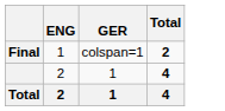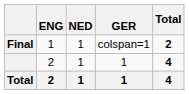 <table class="wikitable">
 <tr>
 <th></th>
 <th><br>ENG</th>
+<th><br>NED</th>
 <th><br>GER</th>
 <th>Total</th>
 </tr>
 <tr align="center">
 <th>Final</th>
+<td>1</td>
 <td>1</td>
 <td>colspan=1 </td>
 <td><strong>2</strong></td>
 </tr>
 <tr align="center">
 <th></th>
 <td>2</td>
 <td>1</td>
+<td>1</td>
 <td><strong>4</strong></td>
 </tr>
 <tr align="center">
 <th>Total</th>
 <th>2</th>
 <th>1</th>
+<th>1</th>
 <th>4</th>
 </tr>
 </table>
